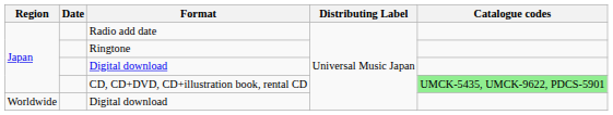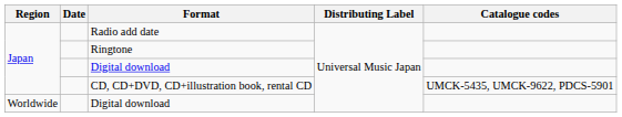 <table class="wikitable">
 <tr>
 <th>Region</th>
 <th>Date</th>
 <th>Format</th>
 <th>Distributing Label</th>
 <th>Catalogue codes</th>
 </tr>
 <tr>
 <td rowspan="4"><a href='#'>Japan</a></td>
 <td></td>
 <td>Radio add date</td>
 <td rowspan="5">Universal Music Japan</td>
 <td rowspan="1"></td>
 </tr>
 <tr>
 <td></td>
 <td>Ringtone</td>
 <td rowspan="1"></td>
 </tr>
 <tr>
 <td></td>
 <td><a href='#'>Digital download</a></td>
 <td rowspan="1"></td>
 </tr>
 <tr>
 <td></td>
 <td>CD, CD+DVD, CD+illustration book, rental CD</td>
-<td rowspan="1" style="background: lightgreen;">UMCK-5435, UMCK-9622, PDCS-5901</td>
+<td rowspan="1">UMCK-5435, UMCK-9622, PDCS-5901</td>
 </tr>
 <tr>
 <td rowspan="1">Worldwide</td>
 <td></td>
 <td>Digital download</td>
 <td rowspan="1"></td>
 </tr>
 </table>
